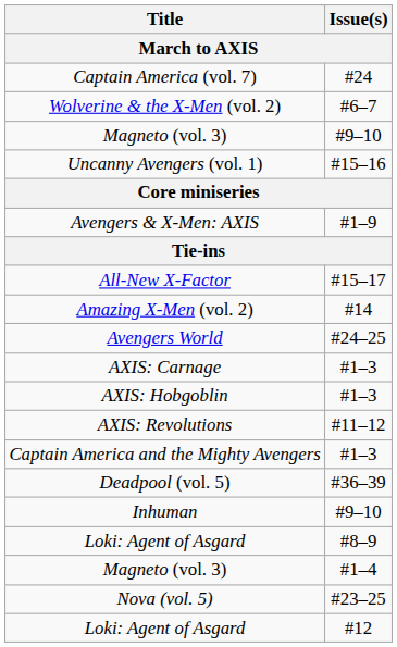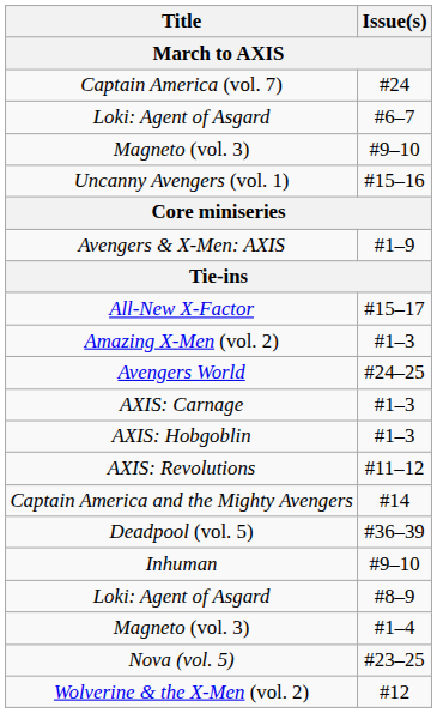 <table class="wikitable" style="text-align:center; width:auto;">
 <tr>
 <th>Title</th>
 <th>Issue(s)</th>
 </tr>
 <tr>
 <th colspan="2">March to AXIS</th>
 </tr>
 <tr>
 <td><em>Captain America</em> (vol. 7)</td>
 <td>#24</td>
 </tr>
 <tr>
-<td><em><a href='#'>Wolverine & the X-Men</a></em> (vol. 2)</td>
+<td><em>Loki: Agent of Asgard</em></td>
 <td>#6–7</td>
 </tr>
 <tr>
 <td><em>Magneto</em> (vol. 3)</td>
 <td>#9–10</td>
 </tr>
 <tr>
 <td><em>Uncanny Avengers</em> (vol. 1)</td>
 <td>#15–16</td>
 </tr>
 <tr>
 <th colspan="2">Core miniseries</th>
 </tr>
 <tr>
 <td><em>Avengers & X-Men: AXIS</em></td>
 <td>#1–9</td>
 </tr>
 <tr>
 <th colspan="2">Tie-ins</th>
 </tr>
 <tr>
 <td><em><a href='#'>All-New X-Factor</a></em></td>
 <td>#15–17</td>
 </tr>
 <tr>
 <td><em><a href='#'>Amazing X-Men</a></em> (vol. 2)</td>
-<td>#14</td>
+<td>#1–3</td>
 </tr>
 <tr>
 <td><em><a href='#'>Avengers World</a></em></td>
 <td>#24–25</td>
 </tr>
 <tr>
 <td><em>AXIS: Carnage</em></td>
 <td>#1–3</td>
 </tr>
 <tr>
 <td><em>AXIS: Hobgoblin</em></td>
 <td>#1–3</td>
 </tr>
 <tr>
 <td><em>AXIS: Revolutions</em></td>
 <td>#11–12</td>
 </tr>
 <tr>
 <td><em>Captain America and the Mighty Avengers</em></td>
-<td>#1–3</td>
+<td>#14</td>
 </tr>
 <tr>
 <td><em>Deadpool</em> (vol. 5)</td>
 <td>#36–39</td>
 </tr>
 <tr>
 <td><em>Inhuman</em></td>
 <td>#9–10</td>
 </tr>
 <tr>
 <td><em>Loki: Agent of Asgard</em></td>
 <td>#8–9</td>
 </tr>
 <tr>
 <td><em>Magneto</em> (vol. 3)</td>
 <td>#1–4</td>
 </tr>
 <tr>
 <td><em>Nova (vol. 5)</em></td>
 <td>#23–25</td>
 </tr>
 <tr>
-<td><em>Loki: Agent of Asgard</em></td>
+<td><em><a href='#'>Wolverine & the X-Men</a></em> (vol. 2)</td>
 <td>#12</td>
 </tr>
 </table>
